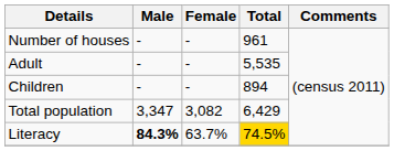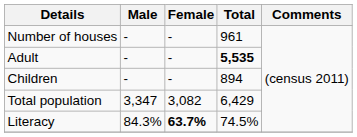 <table class="wikitable  sortable">
 <tr>
 <th>Details</th>
 <th>Male</th>
 <th>Female</th>
 <th>Total</th>
 <th>Comments</th>
 </tr>
 <tr>
 <td>Number of  houses</td>
 <td>-</td>
 <td>-</td>
 <td>961</td>
 <td rowspan="5">(census  2011)</td>
 </tr>
 <tr>
 <td>Adult</td>
 <td>-</td>
 <td>-</td>
-<td>5,535</td>
+<td><strong>5,535</strong></td>
 </tr>
 <tr>
 <td>Children</td>
 <td>-</td>
 <td>-</td>
 <td>894</td>
 </tr>
 <tr>
 <td>Total population</td>
 <td>3,347</td>
 <td>3,082</td>
 <td>6,429</td>
 </tr>
 <tr>
 <td>Literacy</td>
-<td><strong>84.3%</strong></td>
-<td>63.7%</td>
-<td style="background: gold;">74.5%</td>
+<td>84.3%</td>
+<td><strong>63.7%</strong></td>
+<td>74.5%</td>
 </tr>
 <tr>
 </tr>
 </table>
